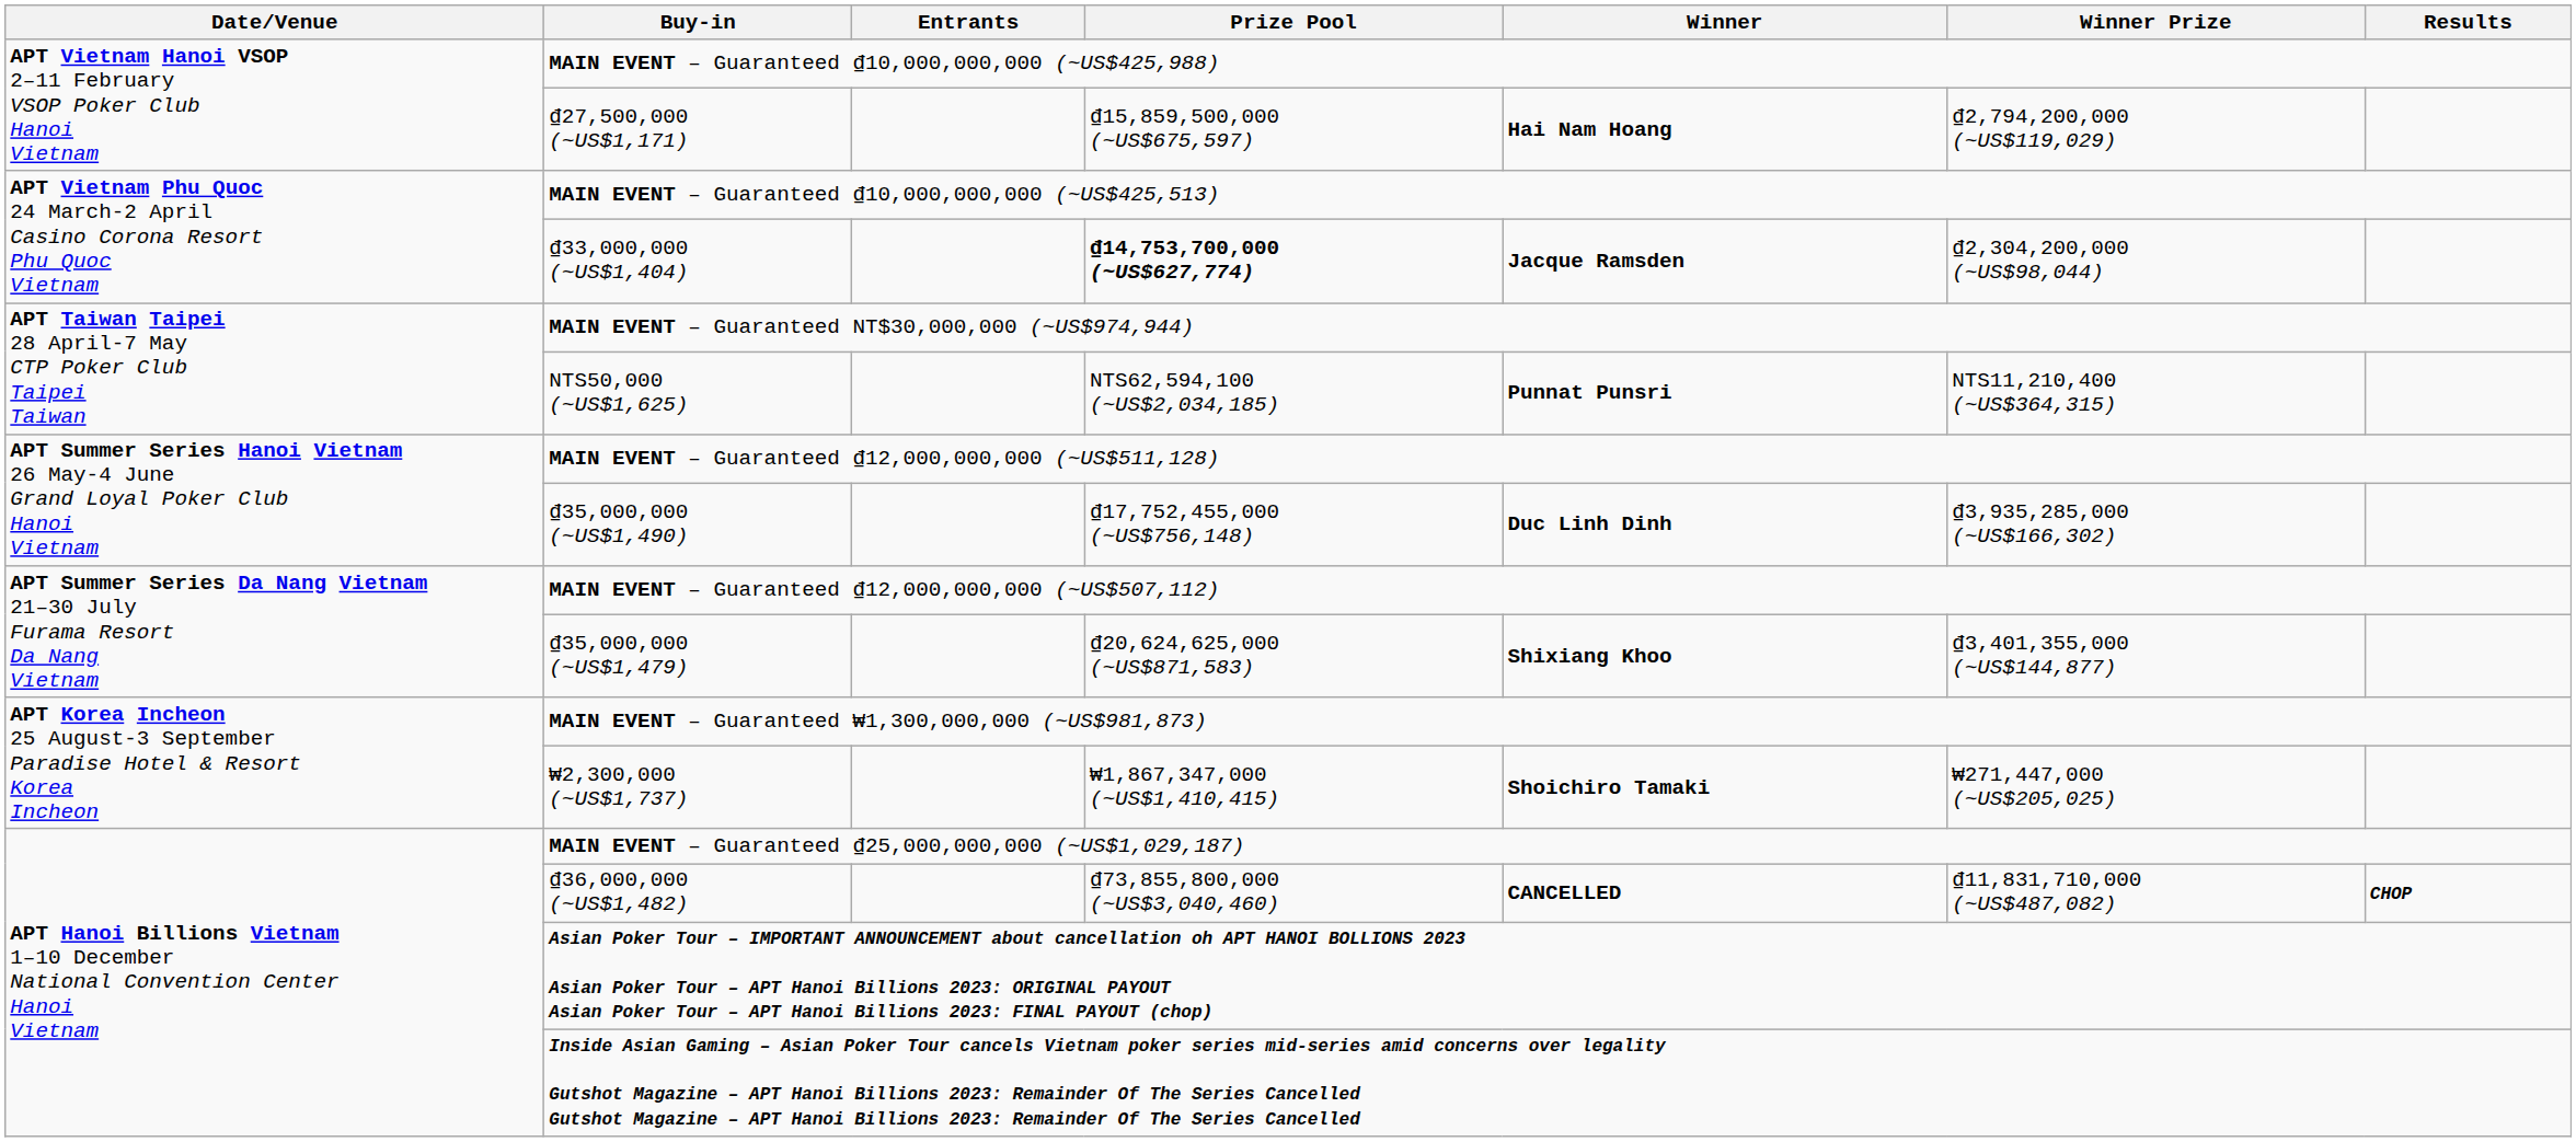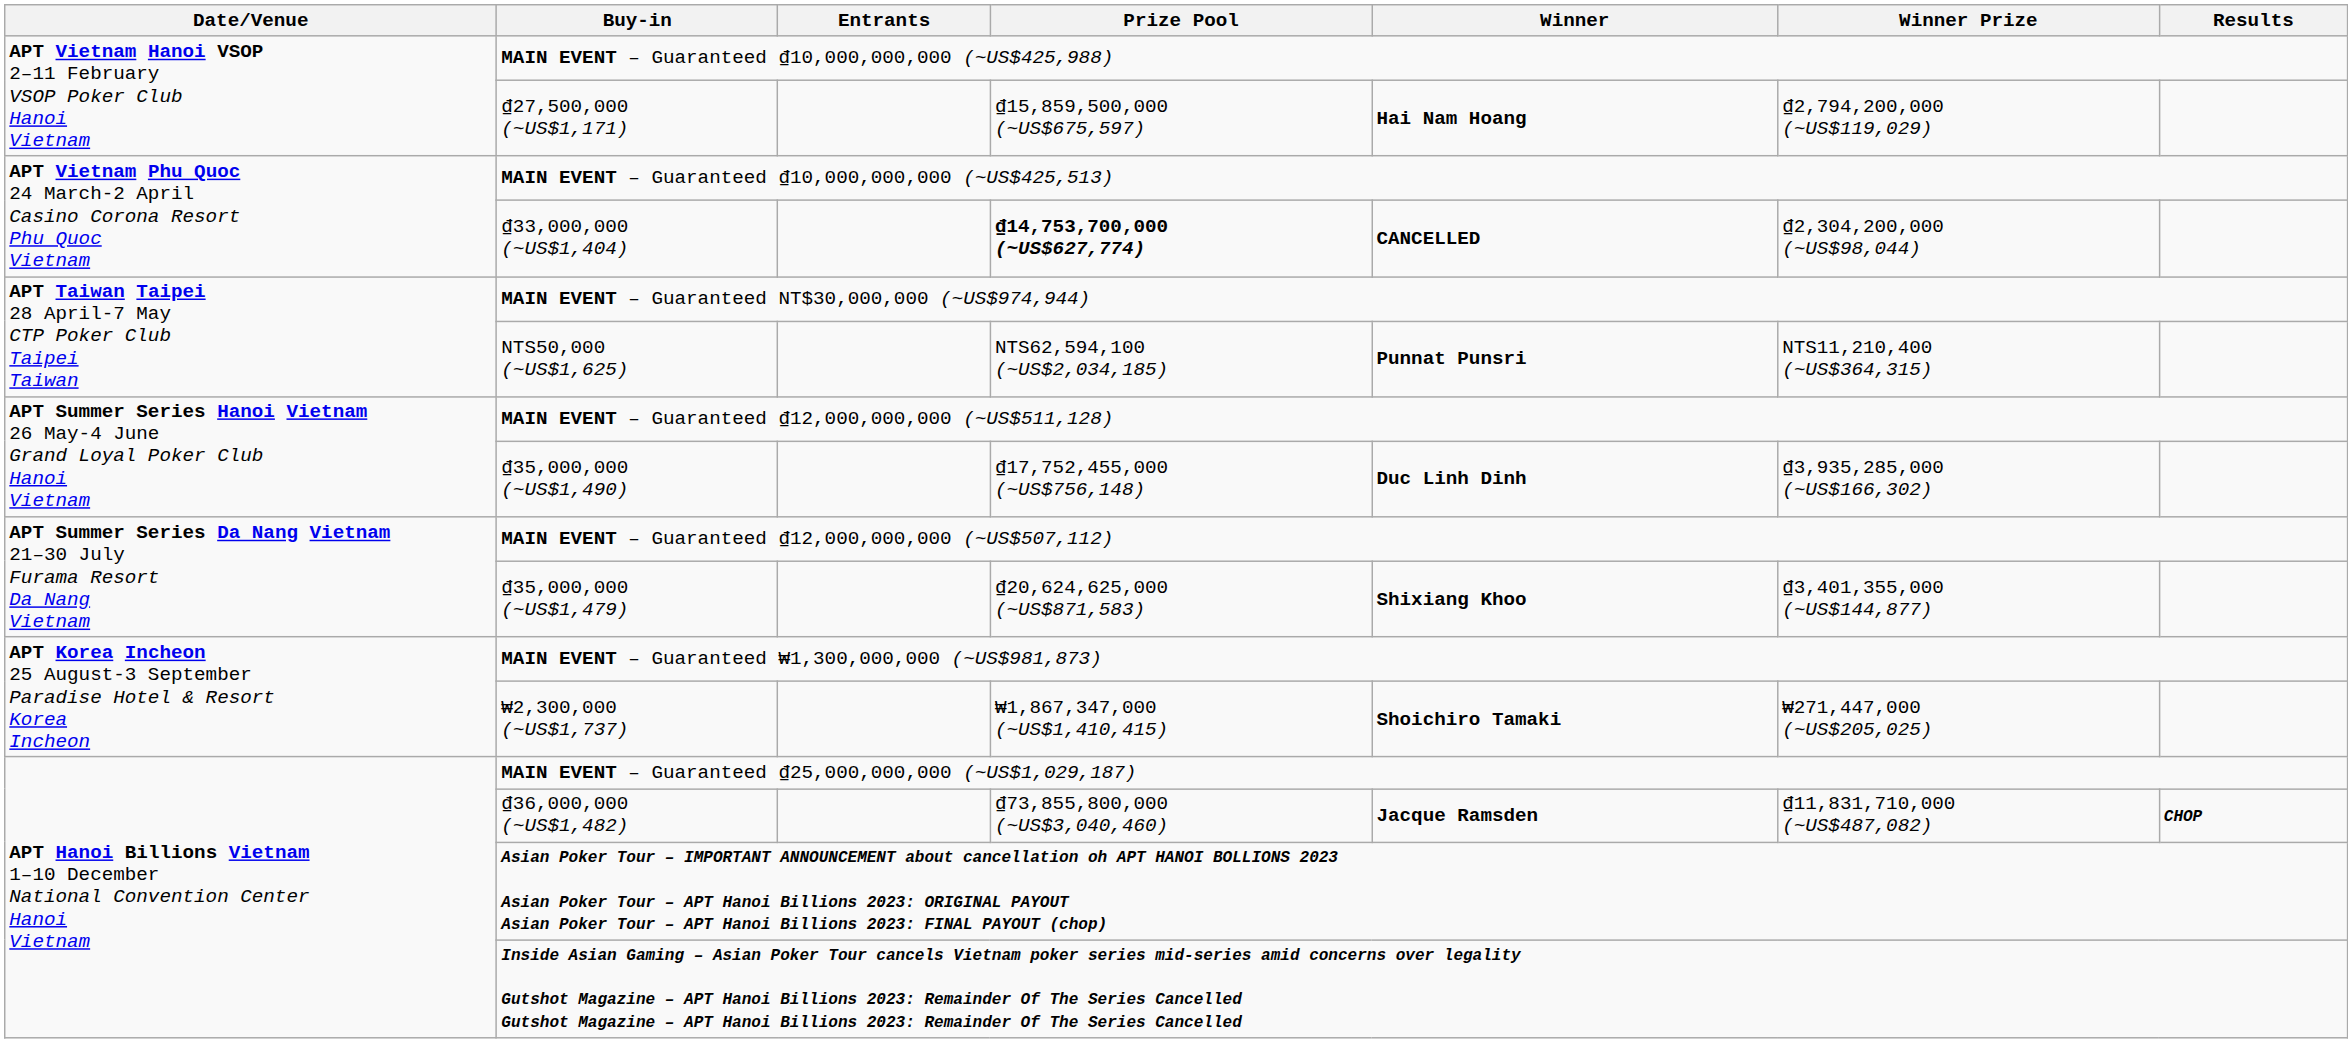 <table class="wikitable" width="100%">
 <tr>
 <th width="21%">Date/Venue</th>
 <th width="12%">Buy-in</th>
 <th !width="11%">Entrants</th>
 <th !width="14%">Prize Pool</th>
 <th !width="18%">Winner</th>
 <th !width="14%">Winner Prize</th>
 <th !width="11%">Results</th>
 </tr>
 <tr>
 <td rowspan="2"> <strong>APT <a href='#'>Vietnam</a> <a href='#'>Hanoi</a> VSOP</strong><br>2–11 February<br><em>VSOP Poker Club<br><a href='#'>Hanoi</a><br><a href='#'>Vietnam</a></em></td>
 <td colspan="6"><strong>MAIN EVENT</strong> – Guaranteed ₫10,000,000,000 <em>(~US$425,988)</em></td>
 </tr>
 <tr>
 <td>₫27,500,000<br><em>(~US$1,171)</em></td>
 <td></td>
 <td>₫15,859,500,000<br><em>(~US$675,597)</em></td>
 <td> <strong>Hai Nam Hoang</strong></td>
 <td>₫2,794,200,000<br><em>(~US$119,029)</em></td>
 <td></td>
 </tr>
 <tr>
 <td rowspan="2"> <strong>APT <a href='#'>Vietnam</a> <a href='#'>Phu Quoc</a></strong><br>24 March-2 April<br><em>Casino Corona Resort<br><a href='#'>Phu Quoc</a><br><a href='#'>Vietnam</a></em></td>
 <td colspan="6"><strong>MAIN EVENT</strong> – Guaranteed ₫10,000,000,000 <em>(~US$425,513)</em></td>
 </tr>
 <tr>
 <td>₫33,000,000<br><em>(~US$1,404)</em></td>
 <td></td>
 <td><strong>₫14,753,700,000<br><em>(~US$627,774)</em></strong></td>
-<td> <strong>Jacque Ramsden</strong></td>
+<td><strong>CANCELLED</strong></td>
 <td>₫2,304,200,000<br><em>(~US$98,044)</em></td>
 <td></td>
 </tr>
 <tr>
 <td rowspan="2"> <strong>APT <a href='#'>Taiwan</a> <a href='#'>Taipei</a></strong><br>28 April-7 May<br><em>CTP Poker Club<br><a href='#'>Taipei</a><br><a href='#'>Taiwan</a></em></td>
 <td colspan="6"><strong>MAIN EVENT</strong> – Guaranteed NT$30,000,000 <em>(~US$974,944)</em></td>
 </tr>
 <tr>
 <td>NTS50,000<br><em>(~US$1,625)</em></td>
 <td></td>
 <td>NTS62,594,100<br><em>(~US$2,034,185)</em></td>
 <td> <strong>Punnat Punsri</strong></td>
 <td>NTS11,210,400<br><em>(~US$364,315)</em></td>
 <td></td>
 </tr>
 <tr>
 <td rowspan="2"> <strong>APT Summer Series <a href='#'>Hanoi</a> <a href='#'>Vietnam</a></strong><br>26 May-4 June<br><em>Grand Loyal Poker Club<br><a href='#'>Hanoi</a><br><a href='#'>Vietnam</a></em></td>
 <td colspan="6"><strong>MAIN EVENT</strong> – Guaranteed ₫12,000,000,000 <em>(~US$511,128)</em></td>
 </tr>
 <tr>
 <td>₫35,000,000<br><em>(~US$1,490)</em></td>
 <td></td>
 <td>₫17,752,455,000<br><em>(~US$756,148)</em></td>
 <td> <strong>Duc Linh Dinh</strong></td>
 <td>₫3,935,285,000<br><em>(~US$166,302)</em></td>
 <td></td>
 </tr>
 <tr>
 <td rowspan="2"> <strong>APT Summer Series <a href='#'>Da Nang</a> <a href='#'>Vietnam</a></strong><br>21–30 July<br><em>Furama Resort<br><a href='#'>Da Nang</a><br><a href='#'>Vietnam</a></em></td>
 <td colspan="6"><strong>MAIN EVENT</strong> – Guaranteed ₫12,000,000,000 <em>(~US$507,112)</em></td>
 </tr>
 <tr>
 <td>₫35,000,000<br><em>(~US$1,479)</em></td>
 <td></td>
 <td>₫20,624,625,000<br><em>(~US$871,583)</em></td>
 <td> <strong>Shixiang Khoo</strong></td>
 <td>₫3,401,355,000<br><em>(~US$144,877)</em></td>
 <td></td>
 </tr>
 <tr>
 <td rowspan="2"> <strong>APT <a href='#'>Korea</a> <a href='#'>Incheon</a></strong><br>25 August-3 September<br><em>Paradise Hotel & Resort<br><a href='#'>Korea</a><br><a href='#'>Incheon</a></em></td>
 <td colspan="6"><strong>MAIN EVENT</strong> – Guaranteed ₩1,300,000,000 <em>(~US$981,873)</em></td>
 </tr>
 <tr>
 <td>₩2,300,000<br><em>(~US$1,737)</em></td>
 <td></td>
 <td>₩1,867,347,000<br><em>(~US$1,410,415)</em></td>
 <td> <strong>Shoichiro Tamaki</strong></td>
 <td>₩271,447,000<br><em>(~US$205,025)</em></td>
 <td></td>
 </tr>
 <tr>
 <td rowspan="4"> <strong>APT <a href='#'>Hanoi</a> Billions <a href='#'>Vietnam</a></strong><br>1–10 December<br><em>National Convention Center<br><a href='#'>Hanoi</a><br><a href='#'>Vietnam</a></em></td>
 <td colspan="6"><strong>MAIN EVENT</strong> – Guaranteed ₫25,000,000,000 <em>(~US$1,029,187)</em></td>
 </tr>
 <tr>
 <td>₫36,000,000<br><em>(~US$1,482)</em></td>
 <td></td>
 <td>₫73,855,800,000<br><em>(~US$3,040,460)</em></td>
-<td><strong>CANCELLED</strong></td>
+<td> <strong>Jacque Ramsden</strong></td>
 <td>₫11,831,710,000<br><em>(~US$487,082)</em></td>
 <td><small><strong><em>CHOP</em></strong></small></td>
 </tr>
 <tr>
 <td colspan="6"><small><strong><em>Asian Poker Tour – IMPORTANT ANNOUNCEMENT about cancellation oh APT HANOI BOLLIONS 2023</em></strong></small><br><br><small><strong><em>Asian Poker Tour – APT Hanoi Billions 2023: ORIGINAL PAYOUT</em></strong></small> <br> <small><strong><em>Asian Poker Tour – APT Hanoi Billions 2023: FINAL PAYOUT (chop)</em></strong></small></td>
 </tr>
 <tr>
 <td colspan="6"><small><strong><em>Inside Asian Gaming – Asian Poker Tour cancels Vietnam poker series mid-series amid concerns over legality</em></strong></small><br><br><small><strong><em>Gutshot Magazine – APT Hanoi Billions 2023: Remainder Of The Series Cancelled</em></strong></small> <br> <small><strong><em>Gutshot Magazine – APT Hanoi Billions 2023: Remainder Of The Series Cancelled</em></strong></small></td>
 </tr>
 </table>
